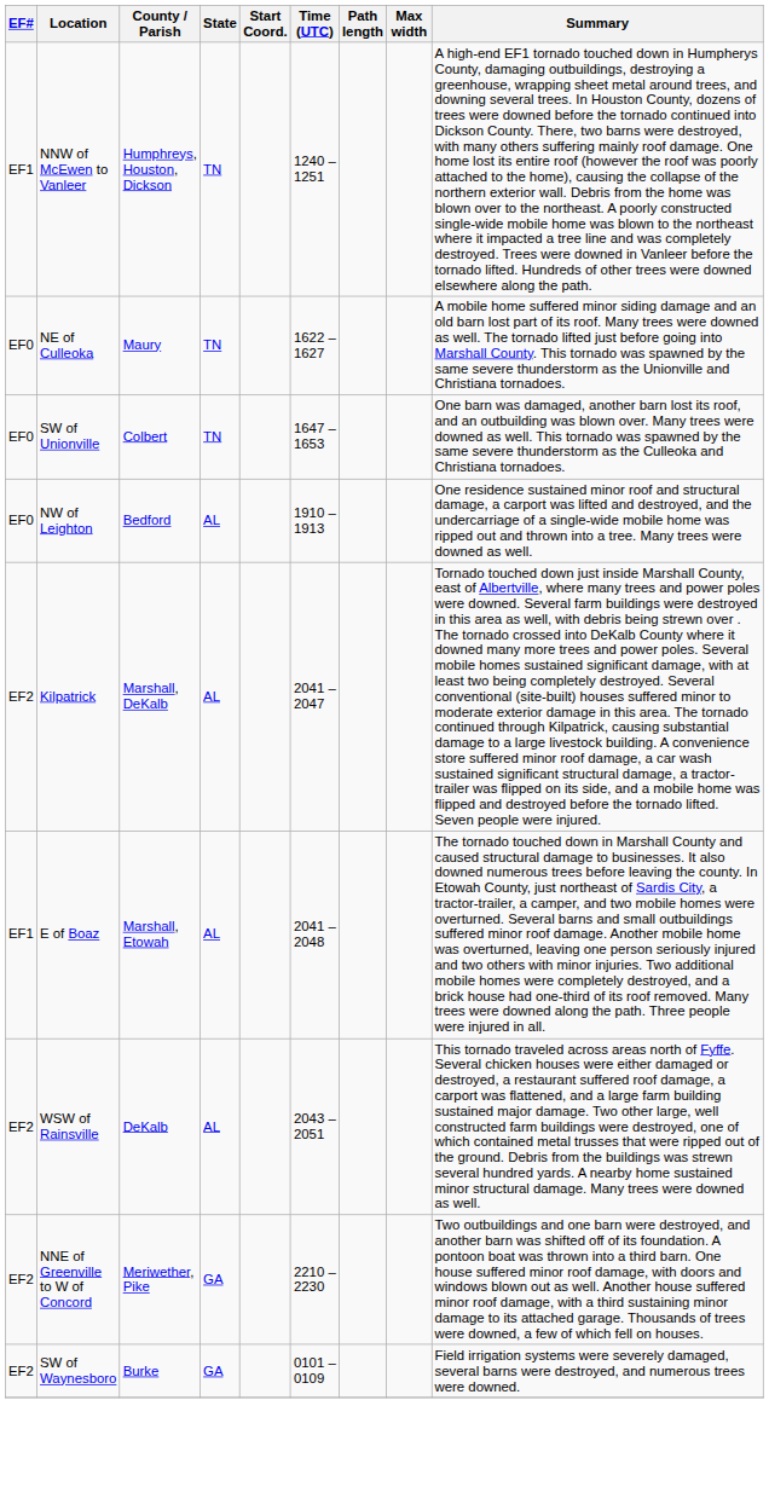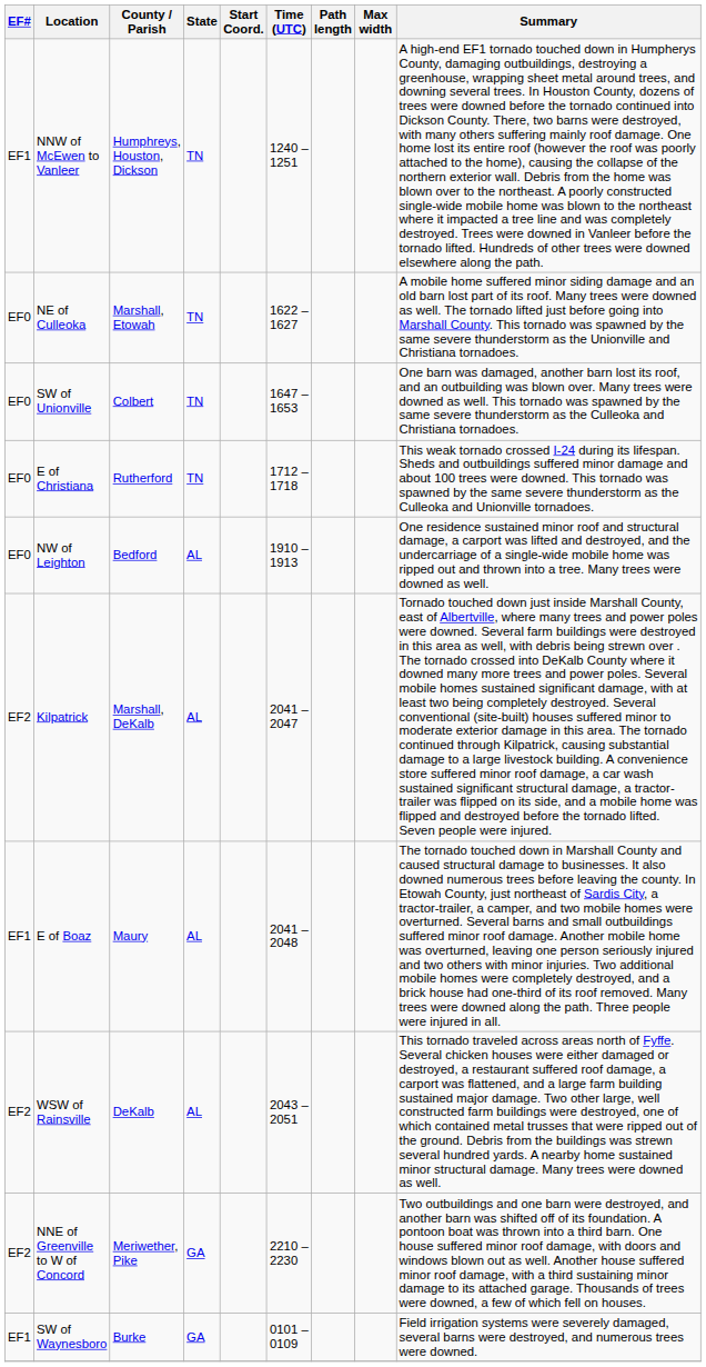 <table class="wikitable sortable" style="width:100%;">
 <tr>
 <th scope="col"  style="width:3%; text-align:center;"><a href='#'>EF#</a></th>
 <th scope="col"  style="width:7%; text-align:center;" class="unsortable">Location</th>
 <th scope="col"  style="width:6%; text-align:center;" class="unsortable">County / Parish</th>
 <th scope="col"  style="width:5%; text-align:center;">State</th>
 <th scope="col"  style="width:6%; text-align:center;">Start Coord.</th>
 <th scope="col"  style="width:6%; text-align:center;">Time (<a href='#'>UTC</a>)</th>
 <th scope="col"  style="width:6%; text-align:center;">Path length</th>
 <th scope="col"  style="width:6%; text-align:center;">Max width</th>
 <th scope="col" class="unsortable" style="width:48%; text-align:center;">Summary</th>
 </tr>
 <tr>
 <td>EF1</td>
 <td>NNW of <a href='#'>McEwen</a> to <a href='#'>Vanleer</a></td>
 <td><a href='#'>Humphreys</a>, <a href='#'>Houston</a>, <a href='#'>Dickson</a></td>
 <td><a href='#'>TN</a></td>
 <td></td>
 <td>1240 – 1251</td>
 <td></td>
 <td></td>
 <td>A high-end EF1 tornado touched down in Humpherys County, damaging outbuildings, destroying a greenhouse, wrapping sheet metal around trees, and downing several trees. In Houston County, dozens of trees were downed before the tornado continued into Dickson County. There, two barns were destroyed, with many others suffering mainly roof damage. One home lost its entire roof (however the roof was poorly attached to the home), causing the collapse of the northern exterior wall. Debris from the home was blown over  to the northeast. A poorly constructed single-wide mobile home was blown  to the northeast where it impacted a tree line and was completely destroyed. Trees were downed in Vanleer before the tornado lifted. Hundreds of other trees were downed elsewhere along the path.</td>
 </tr>
 <tr>
 <td>EF0</td>
 <td>NE of <a href='#'>Culleoka</a></td>
-<td><a href='#'>Maury</a></td>
+<td><a href='#'>Marshall</a>, <a href='#'>Etowah</a></td>
 <td><a href='#'>TN</a></td>
 <td></td>
 <td>1622 – 1627</td>
 <td></td>
 <td></td>
 <td>A mobile home suffered minor siding damage and an old barn lost part of its roof. Many trees were downed as well. The tornado lifted just before going into <a href='#'>Marshall County</a>. This tornado was spawned by the same severe thunderstorm as the Unionville and Christiana tornadoes.</td>
 </tr>
 <tr>
 <td>EF0</td>
 <td>SW of <a href='#'>Unionville</a></td>
 <td><a href='#'>Colbert</a></td>
 <td><a href='#'>TN</a></td>
 <td></td>
 <td>1647 – 1653</td>
 <td></td>
 <td></td>
 <td>One barn was damaged, another barn lost its roof, and an outbuilding was blown over. Many trees were downed as well. This tornado was spawned by the same severe thunderstorm as the Culleoka and Christiana tornadoes.</td>
+</tr>
+<tr>
+<td>EF0</td>
+<td>E of <a href='#'>Christiana</a></td>
+<td><a href='#'>Rutherford</a></td>
+<td><a href='#'>TN</a></td>
+<td></td>
+<td>1712 – 1718</td>
+<td></td>
+<td></td>
+<td>This weak tornado crossed <a href='#'>I-24</a> during its lifespan. Sheds and outbuildings suffered minor damage and about 100 trees were downed. This tornado was spawned by the same severe thunderstorm as the Culleoka and Unionville tornadoes.</td>
 </tr>
 <tr>
 <td>EF0</td>
 <td>NW of <a href='#'>Leighton</a></td>
 <td><a href='#'>Bedford</a></td>
 <td><a href='#'>AL</a></td>
 <td></td>
 <td>1910 – 1913</td>
 <td></td>
 <td></td>
 <td>One residence sustained minor roof and structural damage, a carport was lifted and destroyed, and the undercarriage of a single-wide mobile home was ripped out and thrown into a tree. Many trees were downed as well.</td>
 </tr>
 <tr>
 <td>EF2</td>
 <td><a href='#'>Kilpatrick</a></td>
 <td><a href='#'>Marshall</a>, <a href='#'>DeKalb</a></td>
 <td><a href='#'>AL</a></td>
 <td></td>
 <td>2041 – 2047</td>
 <td></td>
 <td></td>
 <td>Tornado touched down just inside Marshall County, east of <a href='#'>Albertville</a>, where many trees and power poles were downed. Several farm buildings were destroyed in this area as well, with debris being strewn over . The tornado crossed into DeKalb County where it downed many more trees and power poles. Several mobile homes sustained significant damage, with at least two being completely destroyed. Several conventional (site-built) houses suffered minor to moderate exterior damage in this area. The tornado continued through Kilpatrick, causing substantial damage to a large livestock building. A convenience store suffered minor roof damage, a car wash sustained significant structural damage, a tractor-trailer was flipped on its side, and a mobile home was flipped and destroyed before the tornado lifted. Seven people were injured.</td>
 </tr>
 <tr>
 <td>EF1</td>
 <td>E of <a href='#'>Boaz</a></td>
-<td><a href='#'>Marshall</a>, <a href='#'>Etowah</a></td>
+<td><a href='#'>Maury</a></td>
 <td><a href='#'>AL</a></td>
 <td></td>
 <td>2041 – 2048</td>
 <td></td>
 <td></td>
 <td>The tornado touched down in Marshall County and caused structural damage to businesses. It also downed numerous trees before leaving the county. In Etowah County, just northeast of <a href='#'>Sardis City</a>, a tractor-trailer, a camper, and two mobile homes were overturned. Several barns and small outbuildings suffered minor roof damage. Another mobile home was overturned, leaving one person seriously injured and two others with minor injuries. Two additional mobile homes were completely destroyed, and a brick house had one-third of its roof removed. Many trees were downed along the path. Three people were injured in all.</td>
 </tr>
 <tr>
 <td>EF2</td>
 <td>WSW of <a href='#'>Rainsville</a></td>
 <td><a href='#'>DeKalb</a></td>
 <td><a href='#'>AL</a></td>
 <td></td>
 <td>2043 – 2051</td>
 <td></td>
 <td></td>
 <td>This tornado traveled across areas north of <a href='#'>Fyffe</a>. Several chicken houses were either damaged or destroyed, a restaurant suffered roof damage, a carport was flattened, and a large farm building sustained major damage. Two other large, well constructed farm buildings were destroyed, one of which contained metal trusses that were ripped out of the ground. Debris from the buildings was strewn several hundred yards. A nearby home sustained minor structural damage. Many trees were downed as well.</td>
 </tr>
 <tr>
 <td>EF2</td>
 <td>NNE of <a href='#'>Greenville</a> to W of <a href='#'>Concord</a></td>
 <td><a href='#'>Meriwether</a>, <a href='#'>Pike</a></td>
 <td><a href='#'>GA</a></td>
 <td></td>
 <td>2210 – 2230</td>
 <td></td>
 <td></td>
 <td>Two outbuildings and one barn were destroyed, and another barn was shifted off of its foundation. A pontoon boat was thrown into a third barn. One house suffered minor roof damage, with doors and windows blown out as well. Another house suffered minor roof damage, with a third sustaining minor damage to its attached garage. Thousands of trees were downed, a few of which fell on houses.</td>
 </tr>
 <tr>
-<td>EF2</td>
+<td>EF1</td>
 <td>SW of <a href='#'>Waynesboro</a></td>
 <td><a href='#'>Burke</a></td>
 <td><a href='#'>GA</a></td>
 <td></td>
 <td>0101 – 0109</td>
 <td></td>
 <td></td>
 <td>Field irrigation systems were severely damaged, several barns were destroyed, and numerous trees were downed.</td>
 </tr>
 <tr>
 </tr>
 </table>
